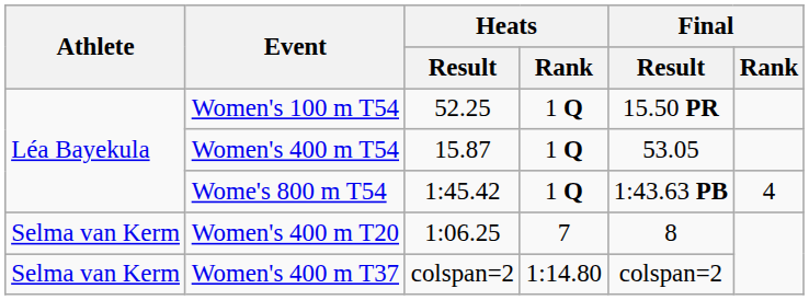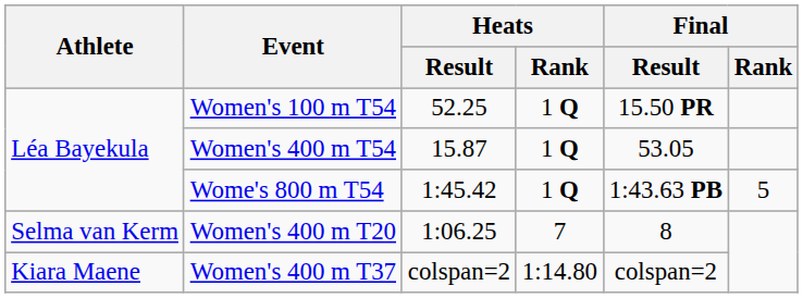 <table class=wikitable style="font-size:90%">
 <tr>
 <th rowspan="2">Athlete</th>
 <th rowspan="2">Event</th>
 <th colspan="2">Heats</th>
 <th colspan="2">Final</th>
 </tr>
 <tr>
 <th>Result</th>
 <th>Rank</th>
 <th>Result</th>
 <th>Rank</th>
 </tr>
 <tr align=center>
 <td align=left rowspan=3><a href='#'>Léa Bayekula</a></td>
 <td align=left><a href='#'>Women's 100 m T54</a></td>
 <td>52.25</td>
 <td>1 <strong>Q</strong></td>
 <td>15.50 <strong>PR</strong></td>
 <td></td>
 </tr>
 <tr align=center>
 <td align=left><a href='#'>Women's 400 m T54</a></td>
 <td>15.87</td>
 <td>1 <strong>Q</strong></td>
 <td>53.05</td>
 <td></td>
 </tr>
 <tr align=center>
 <td align=left><a href='#'>Wome's 800 m T54</a></td>
 <td>1:45.42</td>
 <td>1 <strong>Q</strong></td>
 <td>1:43.63 <strong>PB</strong></td>
-<td>4</td>
+<td>5</td>
 </tr>
 <tr align=center>
 <td align=left><a href='#'>Selma van Kerm</a></td>
 <td align=left><a href='#'>Women's 400 m T20</a></td>
 <td>1:06.25</td>
 <td>7</td>
 <td>8</td>
 </tr>
 <tr align=center>
-<td align=left><a href='#'>Selma van Kerm</a></td>
+<td align=left><a href='#'>Kiara Maene</a></td>
 <td align=left><a href='#'>Women's 400 m T37</a></td>
 <td>colspan=2 </td>
 <td>1:14.80</td>
 <td>colspan=2 </td>
 </tr>
 </table>
